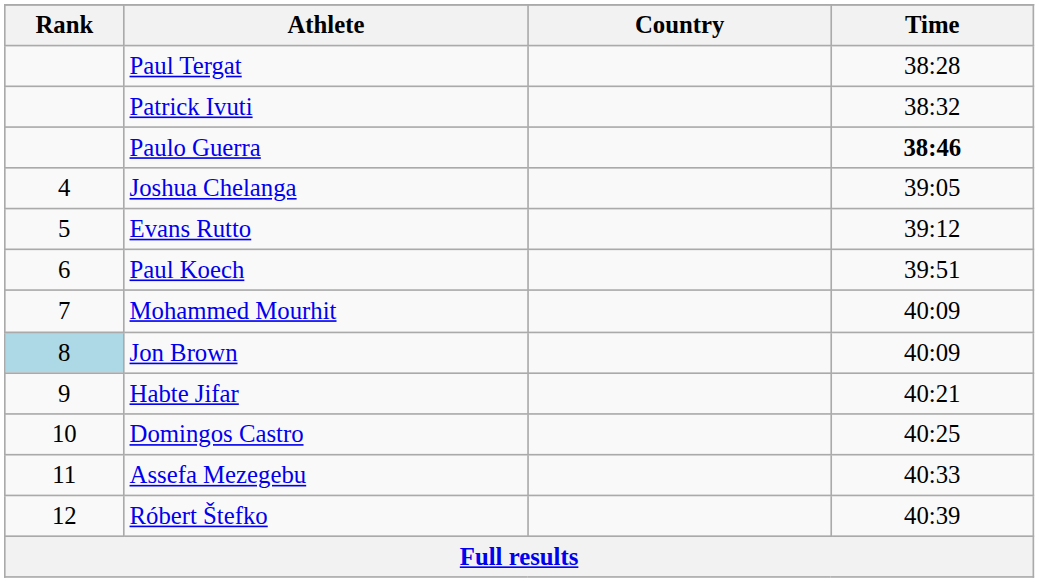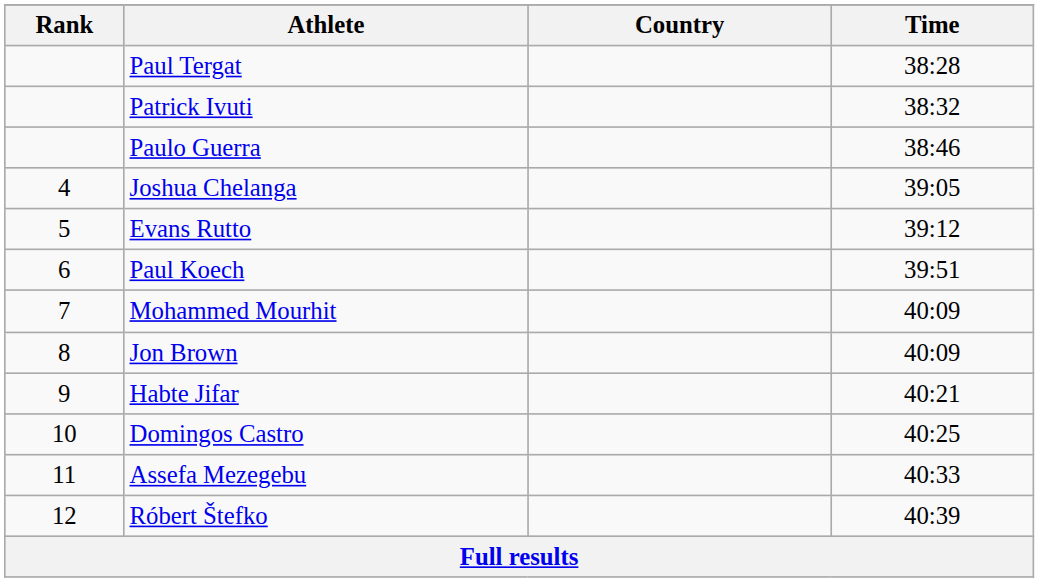 <table class="wikitable sortable" style=" text-align:center; font-size:95%;" width="50%">
 <tr>
 </tr>
 <tr>
 <th width=5%>Rank</th>
 <th width=20%>Athlete</th>
 <th width=15%>Country</th>
 <th width=10%>Time</th>
 </tr>
 <tr>
 <td align=center></td>
 <td align=left><a href='#'>Paul Tergat</a></td>
 <td align=left></td>
 <td>38:28</td>
 </tr>
 <tr>
 <td align=center></td>
 <td align=left><a href='#'>Patrick Ivuti</a></td>
 <td align=left></td>
 <td>38:32</td>
 </tr>
 <tr>
 <td align=center></td>
 <td align=left><a href='#'>Paulo Guerra</a></td>
 <td align=left></td>
-<td><strong>38:46</strong></td>
+<td>38:46</td>
 </tr>
 <tr>
 <td align=center>4</td>
 <td align=left><a href='#'>Joshua Chelanga</a></td>
 <td align=left></td>
 <td>39:05</td>
 </tr>
 <tr>
 <td align=center>5</td>
 <td align=left><a href='#'>Evans Rutto</a></td>
 <td align=left></td>
 <td>39:12</td>
 </tr>
 <tr>
 <td align=center>6</td>
 <td align=left><a href='#'>Paul Koech</a></td>
 <td align=left></td>
 <td>39:51</td>
 </tr>
 <tr>
 <td align=center>7</td>
 <td align=left><a href='#'>Mohammed Mourhit</a></td>
 <td align=left></td>
 <td>40:09</td>
 </tr>
 <tr>
-<td align=center style="background: lightblue;">8</td>
+<td align=center>8</td>
 <td align=left><a href='#'>Jon Brown</a></td>
 <td align=left></td>
 <td>40:09</td>
 </tr>
 <tr>
 <td align=center>9</td>
 <td align=left><a href='#'>Habte Jifar</a></td>
 <td align=left></td>
 <td>40:21</td>
 </tr>
 <tr>
 <td align=center>10</td>
 <td align=left><a href='#'>Domingos Castro</a></td>
 <td align=left></td>
 <td>40:25</td>
 </tr>
 <tr>
 <td align=center>11</td>
 <td align=left><a href='#'>Assefa Mezegebu</a></td>
 <td align=left></td>
 <td>40:33</td>
 </tr>
 <tr>
 <td align=center>12</td>
 <td align=left><a href='#'>Róbert Štefko</a></td>
 <td align=left></td>
 <td>40:39</td>
 </tr>
 <tr class="sortbottom">
 <th colspan=4 align=center><a href='#'>Full results</a></th>
 </tr>
 </table>
